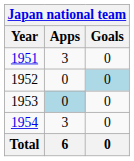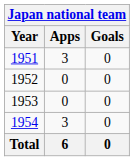 <table class="wikitable" style="text-align:center">
 <tr>
 <th colspan=3><a href='#'>Japan national team</a></th>
 </tr>
 <tr>
 <th>Year</th>
 <th>Apps</th>
 <th>Goals</th>
 </tr>
 <tr>
 <td><a href='#'>1951</a></td>
 <td>3</td>
 <td>0</td>
 </tr>
 <tr>
 <td>1952</td>
 <td>0</td>
-<td style="background: lightblue;">0</td>
+<td>0</td>
 </tr>
 <tr>
 <td>1953</td>
-<td style="background: lightblue;">0</td>
+<td>0</td>
 <td>0</td>
 </tr>
 <tr>
 <td><a href='#'>1954</a></td>
 <td>3</td>
 <td>0</td>
 </tr>
 <tr>
 <th>Total</th>
 <th>6</th>
 <th>0</th>
 </tr>
 </table>
